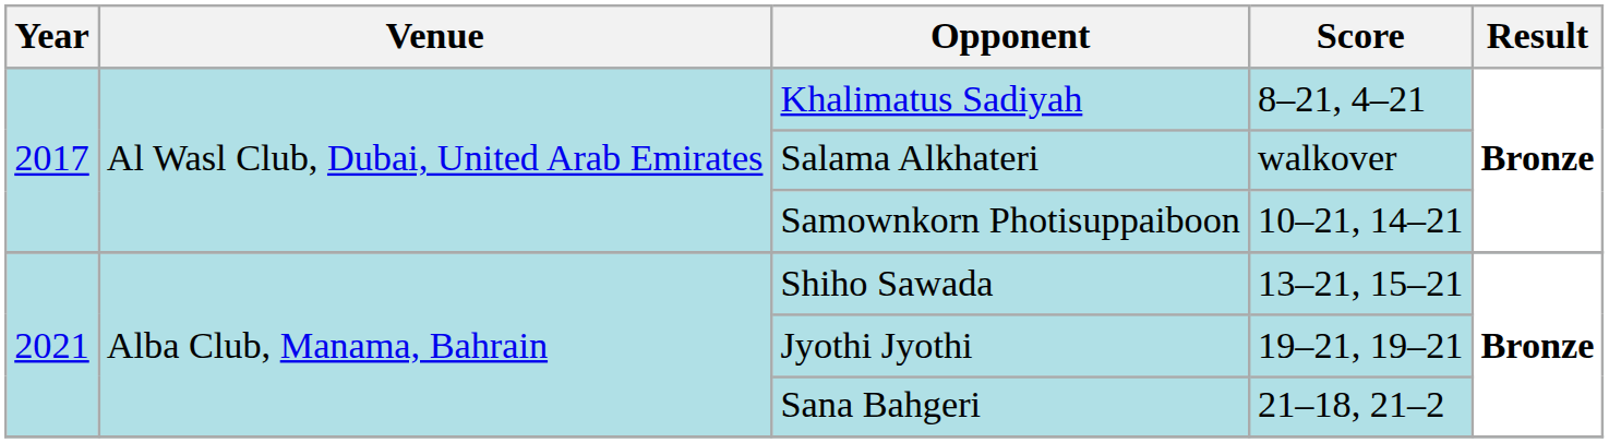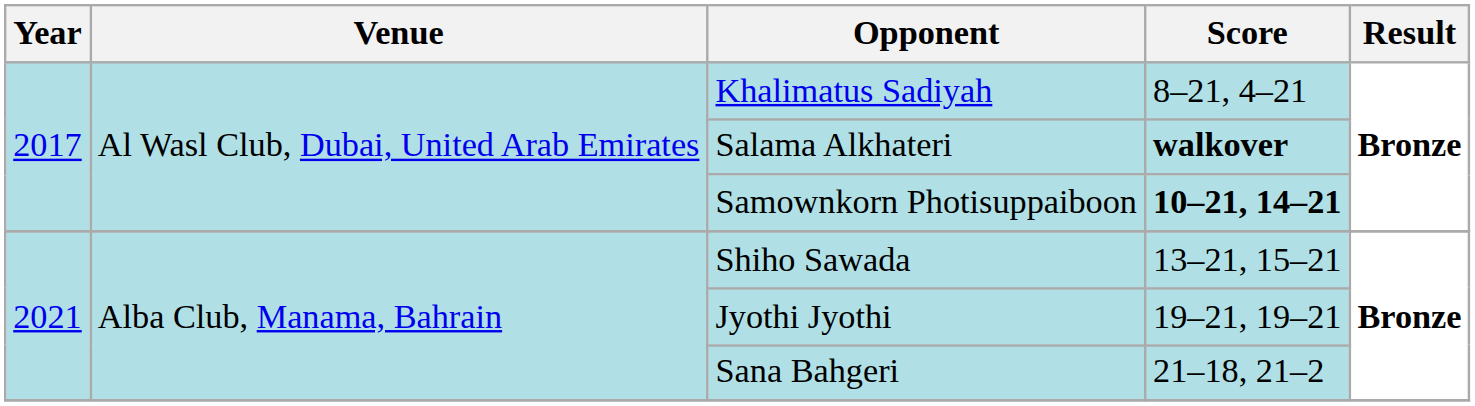 <table class="sortable wikitable" style="font-size: 90%;">
 <tr>
 <th>Year</th>
 <th>Venue</th>
 <th>Opponent</th>
 <th>Score</th>
 <th>Result</th>
 </tr>
 <tr style="background:#B0E0E6">
 <td align="center" rowspan="3"><a href='#'>2017</a></td>
 <td align="left" rowspan="3">Al Wasl Club, <a href='#'>Dubai, United Arab Emirates</a></td>
 <td align="left"> <a href='#'>Khalimatus Sadiyah</a></td>
 <td align="left">8–21, 4–21</td>
 <td style="text-align:left; background:white" rowspan="3"> <strong>Bronze</strong></td>
 </tr>
 <tr style="background:#B0E0E6">
 <td align="left"> Salama Alkhateri</td>
-<td align="left">walkover</td>
+<td align="left"><strong>walkover</strong></td>
 </tr>
 <tr style="background:#B0E0E6">
 <td align="left"> Samownkorn Photisuppaiboon</td>
-<td align="left">10–21, 14–21</td>
+<td align="left"><strong>10–21, 14–21</strong></td>
 </tr>
 <tr>
 </tr>
 <tr style="background:#B0E0E6">
 <td align="center" rowspan="3"><a href='#'>2021</a></td>
 <td align="left" rowspan="3">Alba Club, <a href='#'>Manama, Bahrain</a></td>
 <td align="left"> Shiho Sawada</td>
 <td align="left">13–21, 15–21</td>
 <td style="text-align:left; background:white" rowspan="3"> <strong>Bronze</strong></td>
 </tr>
 <tr style="background:#B0E0E6">
 <td align="left"> Jyothi Jyothi</td>
 <td align="left">19–21, 19–21</td>
 </tr>
 <tr style="background:#B0E0E6">
 <td align="left"> Sana Bahgeri</td>
 <td align="left">21–18, 21–2</td>
 </tr>
 <tr>
 </tr>
 </table>
